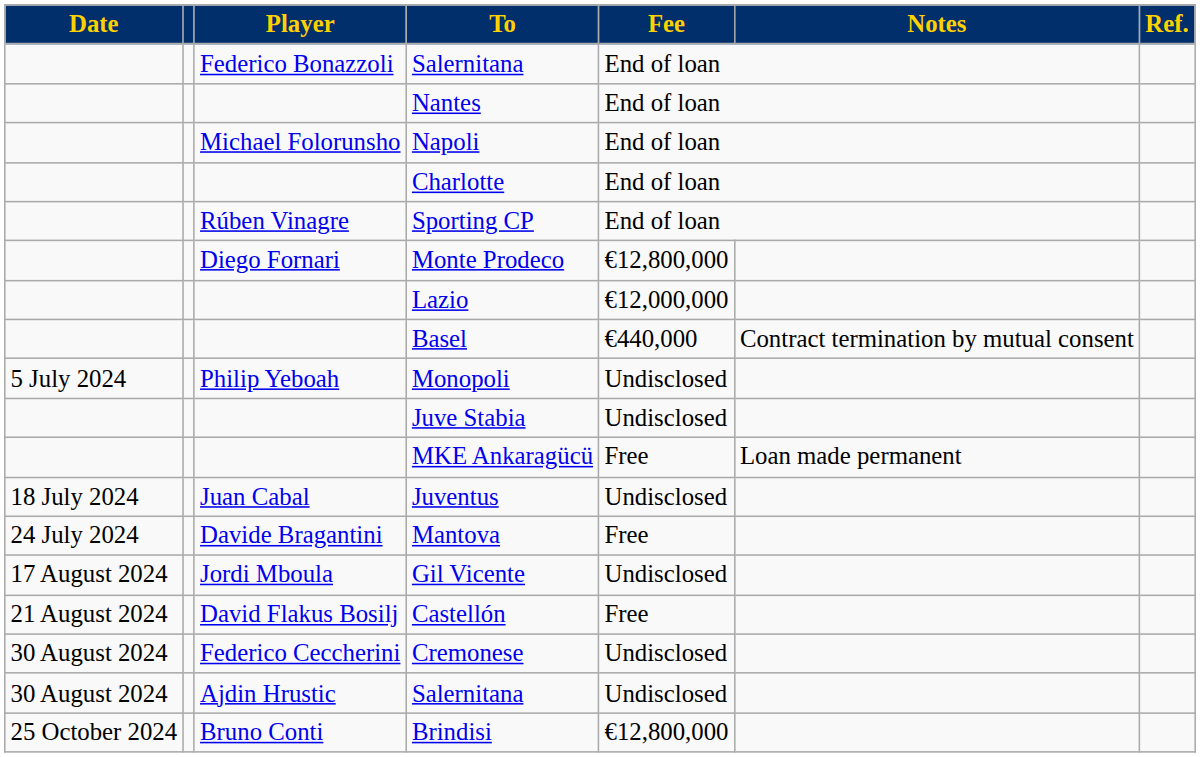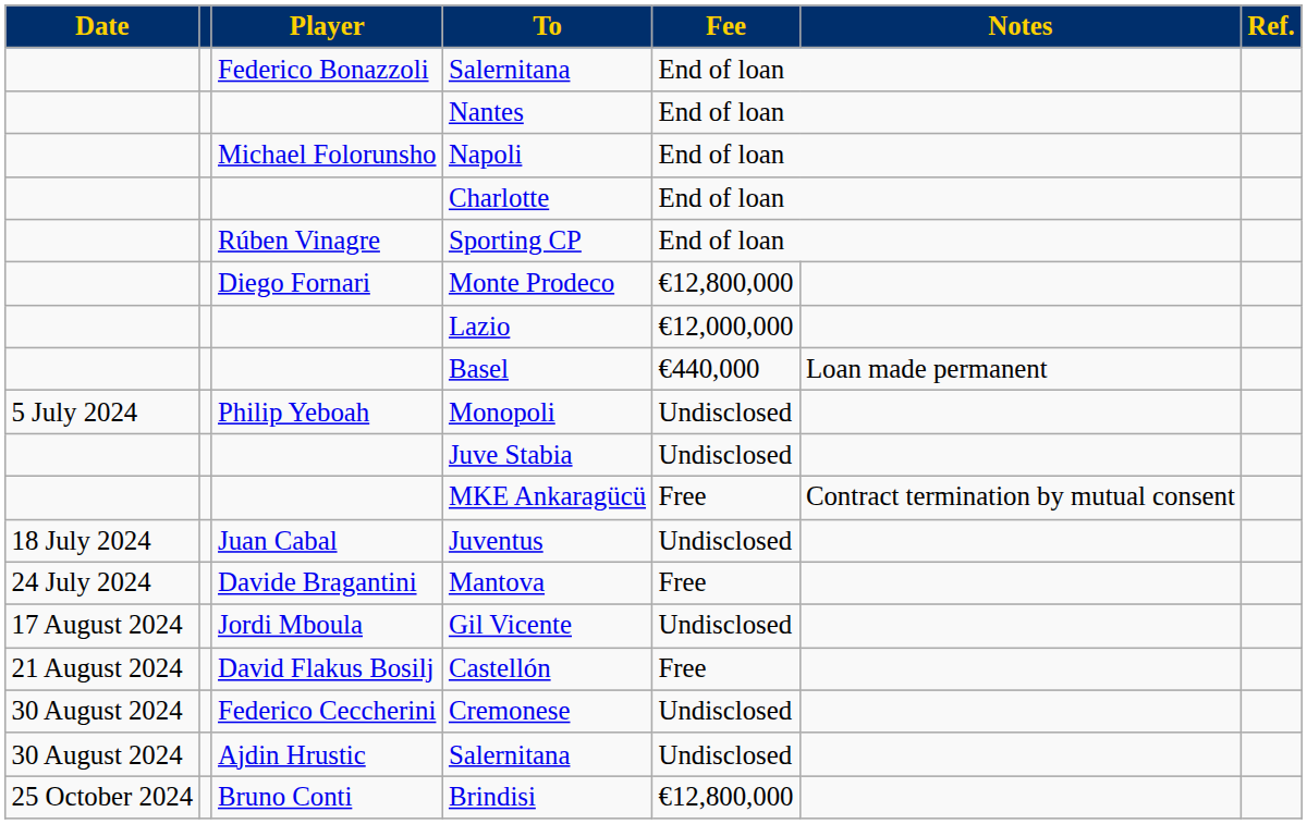 <table class="wikitable plainrowheaders">
 <tr>
 <th style="background:#002F6C;color:#FFD100">Date</th>
 <th style="background:#002F6C;color:#FFD100"></th>
 <th style="background:#002F6C;color:#FFD100">Player</th>
 <th style="background:#002F6C;color:#FFD100">To</th>
 <th style="background:#002F6C;color:#FFD100">Fee</th>
 <th style="background:#002F6C;color:#FFD100">Notes</th>
 <th style="background:#002F6C;color:#FFD100">Ref.</th>
 </tr>
 <tr>
 <td></td>
 <td align="center"></td>
 <td> <a href='#'>Federico Bonazzoli</a></td>
 <td> <a href='#'>Salernitana</a></td>
 <td colspan="2">End of loan</td>
 <td></td>
 </tr>
 <tr>
 <td></td>
 <td align="center"></td>
 <td></td>
 <td> <a href='#'>Nantes</a></td>
 <td colspan="2">End of loan</td>
 <td align="center"></td>
 </tr>
 <tr>
 <td></td>
 <td align="center"></td>
 <td> <a href='#'>Michael Folorunsho</a></td>
 <td> <a href='#'>Napoli</a></td>
 <td colspan="2">End of loan</td>
 <td></td>
 </tr>
 <tr>
 <td></td>
 <td align="center"></td>
 <td></td>
 <td> <a href='#'>Charlotte</a></td>
 <td colspan="2">End of loan</td>
 <td align="center"></td>
 </tr>
 <tr>
 <td></td>
 <td align="center"></td>
 <td> <a href='#'>Rúben Vinagre</a></td>
 <td> <a href='#'>Sporting CP</a></td>
 <td colspan="2">End of loan</td>
 <td></td>
 </tr>
 <tr>
 <td></td>
 <td align="center"></td>
 <td> <a href='#'>Diego Fornari</a></td>
 <td> <a href='#'>Monte Prodeco</a></td>
 <td>€12,800,000</td>
 <td></td>
 <td></td>
 </tr>
 <tr>
 <td></td>
 <td align="center"></td>
 <td></td>
 <td> <a href='#'>Lazio</a></td>
 <td>€12,000,000</td>
 <td></td>
 <td align="center"></td>
 </tr>
 <tr>
 <td></td>
 <td align="center"></td>
 <td></td>
 <td> <a href='#'>Basel</a></td>
 <td>€440,000</td>
-<td>Contract termination by mutual consent</td>
+<td>Loan made permanent</td>
 <td align="center"></td>
 </tr>
 <tr>
 <td>5 July 2024</td>
 <td align="center"></td>
 <td> <a href='#'>Philip Yeboah</a></td>
 <td> <a href='#'>Monopoli</a></td>
 <td>Undisclosed</td>
 <td></td>
 <td></td>
 </tr>
 <tr>
 <td></td>
 <td align="center"></td>
 <td> </td>
 <td> <a href='#'>Juve Stabia</a></td>
 <td>Undisclosed</td>
 <td></td>
 <td align="center"></td>
 </tr>
 <tr>
 <td></td>
 <td align="center"></td>
 <td> </td>
 <td> <a href='#'>MKE Ankaragücü</a></td>
 <td>Free</td>
-<td>Loan made permanent</td>
+<td>Contract termination by mutual consent</td>
 <td align="center"></td>
 </tr>
 <tr>
 <td>18 July 2024</td>
 <td align="center"></td>
 <td> <a href='#'>Juan Cabal</a></td>
 <td> <a href='#'>Juventus</a></td>
 <td>Undisclosed</td>
 <td></td>
 <td></td>
 </tr>
 <tr>
 <td>24 July 2024</td>
 <td align="center"></td>
 <td> <a href='#'>Davide Bragantini</a></td>
 <td> <a href='#'>Mantova</a></td>
 <td>Free</td>
 <td></td>
 <td align="center"></td>
 </tr>
 <tr>
 <td>17 August 2024</td>
 <td align="center"></td>
 <td> <a href='#'>Jordi Mboula</a></td>
 <td> <a href='#'>Gil Vicente</a></td>
 <td>Undisclosed</td>
 <td></td>
 <td align="center"></td>
 </tr>
 <tr>
 <td>21 August 2024</td>
 <td align="center"></td>
 <td> <a href='#'>David Flakus Bosilj</a></td>
 <td> <a href='#'>Castellón</a></td>
 <td>Free</td>
 <td></td>
 <td align="center"></td>
 </tr>
 <tr>
 <td>30 August 2024</td>
 <td align="center"></td>
 <td> <a href='#'>Federico Ceccherini</a></td>
 <td> <a href='#'>Cremonese</a></td>
 <td>Undisclosed</td>
 <td></td>
 <td align="center"></td>
 </tr>
 <tr>
 <td>30 August 2024</td>
 <td align="center"></td>
 <td> <a href='#'>Ajdin Hrustic</a></td>
 <td> <a href='#'>Salernitana</a></td>
 <td>Undisclosed</td>
 <td></td>
 <td align="center"></td>
 </tr>
 <tr>
 <td>25 October 2024</td>
 <td align="center"></td>
 <td> <a href='#'>Bruno Conti</a></td>
 <td> <a href='#'>Brindisi</a></td>
 <td>€12,800,000</td>
 <td></td>
 <td></td>
 </tr>
 </table>
